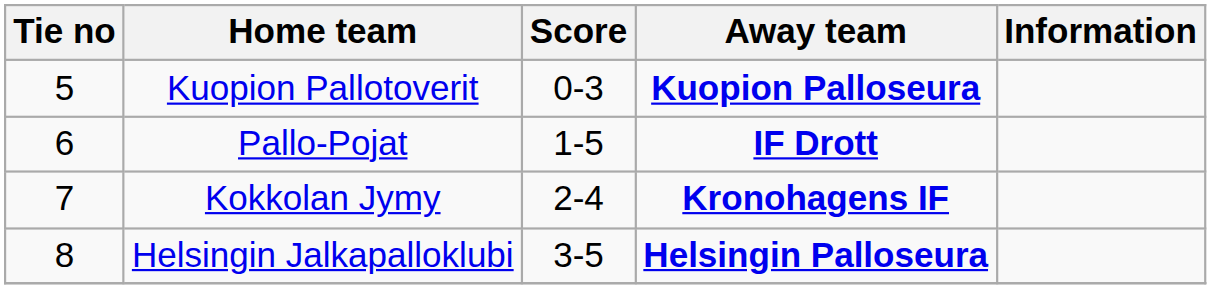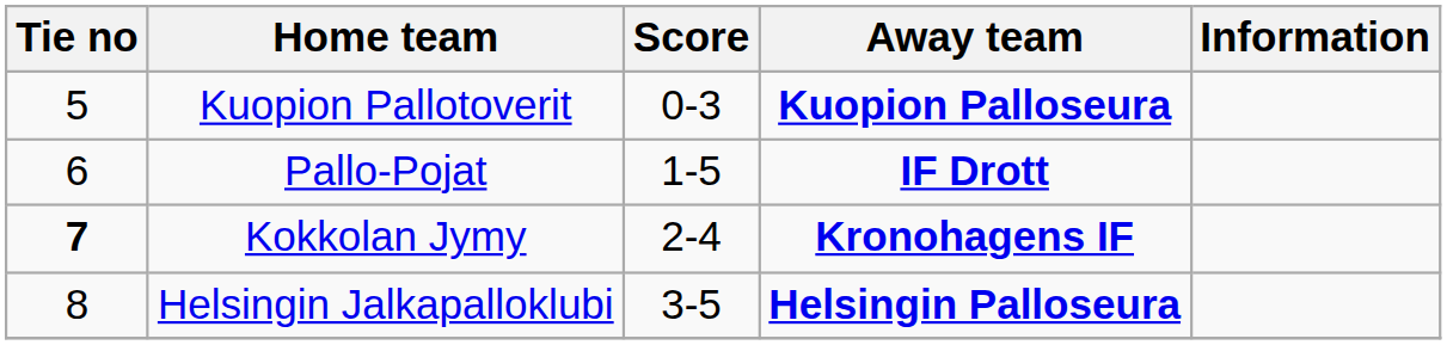 <table class="wikitable" style="text-align:center">
 <tr>
 <th style= width="40px">Tie no</th>
 <th style= width="150px">Home team</th>
 <th style= width="60px">Score</th>
 <th style= width="150px">Away team</th>
 <th style= width="30px">Information</th>
 </tr>
 <tr>
 <td>5</td>
 <td><a href='#'>Kuopion Pallotoverit</a></td>
 <td>0-3</td>
 <td><strong><a href='#'>Kuopion Palloseura</a></strong></td>
 <td></td>
 </tr>
 <tr>
 <td>6</td>
 <td><a href='#'>Pallo-Pojat</a></td>
 <td>1-5</td>
 <td><strong><a href='#'>IF Drott</a></strong></td>
 <td></td>
 </tr>
 <tr>
-<td>7</td>
+<td><strong>7</strong></td>
 <td><a href='#'>Kokkolan Jymy</a></td>
 <td>2-4</td>
 <td><strong><a href='#'>Kronohagens IF</a></strong></td>
 <td></td>
 </tr>
 <tr>
 <td>8</td>
 <td><a href='#'>Helsingin Jalkapalloklubi</a></td>
 <td>3-5</td>
 <td><strong><a href='#'>Helsingin Palloseura</a></strong></td>
 <td></td>
 </tr>
 <tr>
 </tr>
 </table>
